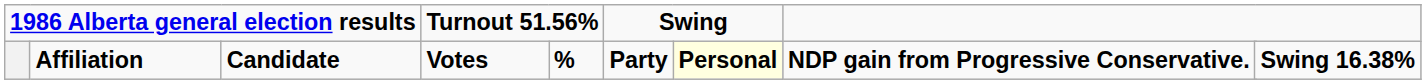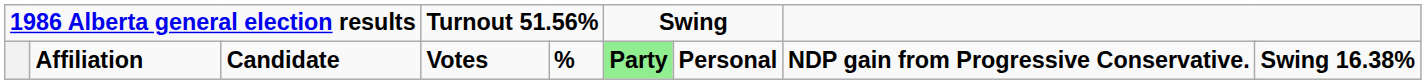 <table class="wikitable">
 <tr>
 <td colspan="3" align=center><strong><a href='#'>1986 Alberta general election</a> results</strong></td>
 <td colspan="2"><strong>Turnout 51.56%</strong></td>
 <td colspan="2" align=center><strong>Swing</strong></td>
 </tr>
 <tr>
 <th style="width: 10px;"></th>
 <td><strong>Affiliation</strong></td>
 <td><strong>Candidate</strong></td>
 <td><strong>Votes</strong></td>
 <td><strong>%</strong></td>
-<td><strong>Party</strong></td>
-<td style="background: lightyellow;"><strong>Personal</strong><br>       </td>
+<td style="background: lightgreen;"><strong>Party</strong></td>
+<td><strong>Personal</strong><br>       </td>
 <td colspan=4><strong>NDP gain from Progressive Conservative.</strong></td>
 <td colspan=2><strong>Swing 16.38%</strong></td>
 </tr>
 </table>
